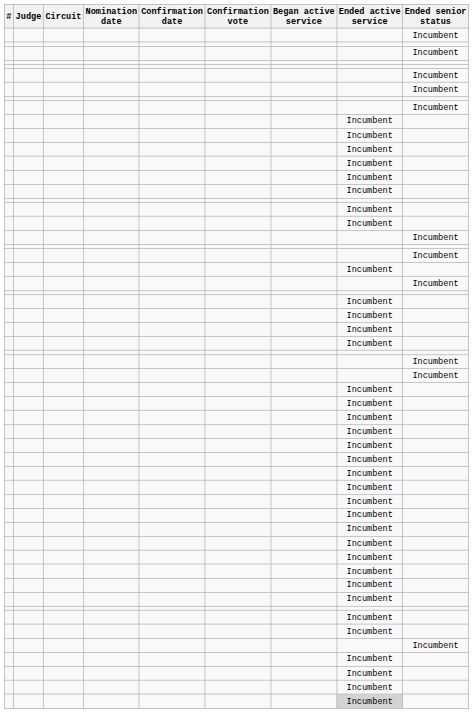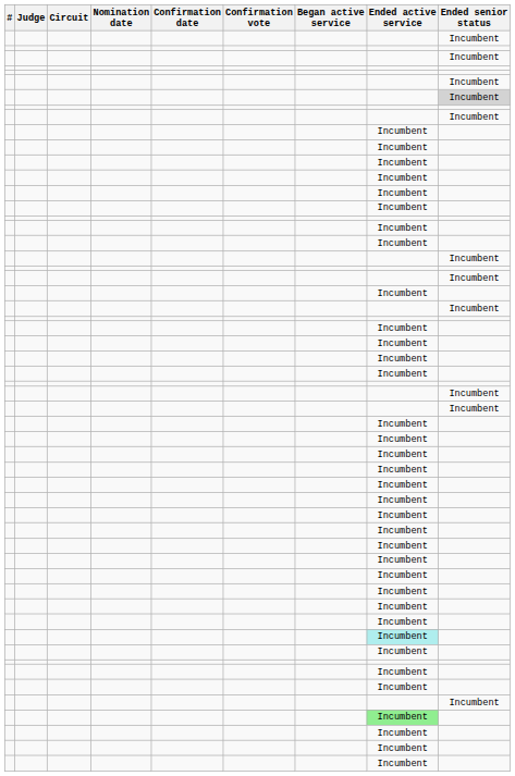 <table class="sortable wikitable">
 <tr bgcolor="#ececec">
 <th>#</th>
 <th>Judge</th>
 <th>Circuit</th>
 <th>Nomination<br>date</th>
 <th>Confirmation<br>date</th>
 <th>Confirmation<br>vote</th>
 <th>Began active<br>service</th>
 <th>Ended active<br>service</th>
 <th>Ended senior<br>status</th>
 </tr>
 <tr>
 <td></td>
 <td></td>
 <td></td>
 <td></td>
 <td></td>
 <td align="center"></td>
 <td></td>
 <td></td>
 <td align="center">Incumbent</td>
 </tr>
 <tr>
 <td></td>
 <td></td>
 <td></td>
 <td></td>
 <td></td>
 <td align="center"></td>
 <td></td>
 <td></td>
 <td></td>
 </tr>
 <tr>
 <td></td>
 <td></td>
 <td></td>
 <td></td>
 <td></td>
 <td align="center"></td>
 <td></td>
 <td></td>
 <td align="center">Incumbent</td>
 </tr>
 <tr>
 <td></td>
 <td></td>
 <td></td>
 <td></td>
 <td></td>
 <td align="center"></td>
 <td></td>
 <td></td>
 <td align="center"></td>
 </tr>
 <tr>
 <td></td>
 <td></td>
 <td></td>
 <td></td>
 <td></td>
 <td align="center"></td>
 <td></td>
 <td></td>
 <td align="center"></td>
 </tr>
 <tr>
 <td></td>
 <td></td>
 <td></td>
 <td></td>
 <td></td>
 <td align="center"></td>
 <td></td>
 <td></td>
 <td align="center">Incumbent</td>
 </tr>
 <tr>
 <td></td>
 <td></td>
 <td></td>
 <td></td>
 <td></td>
 <td align="center"></td>
 <td></td>
 <td></td>
-<td align="center">Incumbent</td>
+<td align="center" style="background: lightgrey;">Incumbent</td>
 </tr>
 <tr>
 <td></td>
 <td></td>
 <td></td>
 <td></td>
 <td></td>
 <td align="center"></td>
 <td></td>
 <td></td>
 <td></td>
 </tr>
 <tr>
 <td></td>
 <td></td>
 <td></td>
 <td></td>
 <td></td>
 <td align="center"></td>
 <td></td>
 <td></td>
 <td align="center">Incumbent</td>
 </tr>
 <tr>
 <td></td>
 <td></td>
 <td></td>
 <td></td>
 <td></td>
 <td align="center"></td>
 <td></td>
 <td align="center">Incumbent</td>
 <td align="center"></td>
 </tr>
 <tr>
 <td></td>
 <td></td>
 <td></td>
 <td></td>
 <td></td>
 <td align="center"></td>
 <td></td>
 <td align="center">Incumbent</td>
 <td align="center"></td>
 </tr>
 <tr>
 <td></td>
 <td></td>
 <td></td>
 <td></td>
 <td></td>
 <td align="center"></td>
 <td></td>
 <td align="center">Incumbent</td>
 <td align="center"></td>
 </tr>
 <tr>
 <td></td>
 <td></td>
 <td></td>
 <td></td>
 <td></td>
 <td align="center"></td>
 <td></td>
 <td align="center">Incumbent</td>
 <td align="center"></td>
 </tr>
 <tr>
 <td></td>
 <td></td>
 <td></td>
 <td></td>
 <td></td>
 <td align="center"></td>
 <td></td>
 <td align="center">Incumbent</td>
 <td align="center"></td>
 </tr>
 <tr>
 <td></td>
 <td></td>
 <td></td>
 <td></td>
 <td></td>
 <td align="center"></td>
 <td></td>
 <td align="center">Incumbent</td>
 <td align="center"></td>
 </tr>
 <tr>
 <td></td>
 <td></td>
 <td></td>
 <td></td>
 <td></td>
 <td align="center"></td>
 <td></td>
 <td></td>
 <td align="center"></td>
 </tr>
 <tr>
 <td></td>
 <td></td>
 <td></td>
 <td></td>
 <td></td>
 <td align="center"></td>
 <td></td>
 <td align="center">Incumbent</td>
 <td align="center"></td>
 </tr>
 <tr>
 <td></td>
 <td></td>
 <td></td>
 <td></td>
 <td></td>
 <td align="center"></td>
 <td></td>
 <td align="center">Incumbent</td>
 <td align="center"></td>
 </tr>
 <tr>
 <td></td>
 <td></td>
 <td></td>
 <td></td>
 <td></td>
 <td align="center"></td>
 <td></td>
 <td></td>
 <td align="center">Incumbent</td>
 </tr>
 <tr>
 <td></td>
 <td></td>
 <td></td>
 <td></td>
 <td></td>
 <td align="center"></td>
 <td></td>
 <td></td>
 <td></td>
 </tr>
 <tr>
 <td></td>
 <td></td>
 <td></td>
 <td></td>
 <td></td>
 <td align="center"></td>
 <td></td>
 <td></td>
 <td align="center">Incumbent</td>
 </tr>
 <tr>
 <td></td>
 <td></td>
 <td></td>
 <td></td>
 <td></td>
 <td align="center"></td>
 <td></td>
 <td align="center">Incumbent</td>
 <td align="center"></td>
 </tr>
 <tr>
 <td></td>
 <td></td>
 <td></td>
 <td></td>
 <td></td>
 <td align="center"></td>
 <td></td>
 <td></td>
 <td align="center">Incumbent</td>
 </tr>
 <tr>
 <td></td>
 <td></td>
 <td></td>
 <td></td>
 <td></td>
 <td align="center"></td>
 <td></td>
 <td></td>
 <td></td>
 </tr>
 <tr>
 <td></td>
 <td></td>
 <td></td>
 <td></td>
 <td></td>
 <td align="center"></td>
 <td></td>
 <td align="center">Incumbent</td>
 <td align="center"></td>
 </tr>
 <tr>
 <td></td>
 <td></td>
 <td></td>
 <td></td>
 <td></td>
 <td align="center"></td>
 <td></td>
 <td align="center">Incumbent</td>
 <td align="center"></td>
 </tr>
 <tr>
 <td></td>
 <td></td>
 <td></td>
 <td></td>
 <td></td>
 <td align="center"></td>
 <td></td>
 <td align="center">Incumbent</td>
 <td align="center"></td>
 </tr>
 <tr>
 <td></td>
 <td></td>
 <td></td>
 <td></td>
 <td></td>
 <td align="center"></td>
 <td></td>
 <td align="center">Incumbent</td>
 <td align="center"></td>
 </tr>
 <tr>
 <td></td>
 <td></td>
 <td></td>
 <td></td>
 <td></td>
 <td align="center"></td>
 <td></td>
 <td></td>
 <td align="center"></td>
 </tr>
 <tr>
 <td></td>
 <td></td>
 <td></td>
 <td></td>
 <td></td>
 <td align="center"></td>
 <td></td>
 <td></td>
 <td align="center">Incumbent</td>
 </tr>
 <tr>
 <td></td>
 <td></td>
 <td></td>
 <td></td>
 <td></td>
 <td align="center"></td>
 <td></td>
 <td></td>
 <td align="center">Incumbent</td>
 </tr>
 <tr>
 <td></td>
 <td></td>
 <td></td>
 <td></td>
 <td></td>
 <td align="center"></td>
 <td></td>
 <td align="center">Incumbent</td>
 <td align="center"></td>
 </tr>
 <tr>
 <td></td>
 <td></td>
 <td></td>
 <td></td>
 <td></td>
 <td align="center"></td>
 <td></td>
 <td align="center">Incumbent</td>
 <td align="center"></td>
 </tr>
 <tr>
 <td></td>
 <td></td>
 <td></td>
 <td></td>
 <td></td>
 <td align="center"></td>
 <td></td>
 <td align="center">Incumbent</td>
 <td align="center"></td>
 </tr>
 <tr>
 <td></td>
 <td></td>
 <td></td>
 <td></td>
 <td></td>
 <td align="center"></td>
 <td></td>
 <td align="center">Incumbent</td>
 <td align="center"></td>
 </tr>
 <tr>
 <td></td>
 <td></td>
 <td></td>
 <td></td>
 <td></td>
 <td align="center"></td>
 <td></td>
 <td align="center">Incumbent</td>
 <td align="center"></td>
 </tr>
 <tr>
 <td></td>
 <td></td>
 <td></td>
 <td></td>
 <td></td>
 <td align="center"></td>
 <td></td>
 <td align="center">Incumbent</td>
 <td align="center"></td>
 </tr>
 <tr>
 <td></td>
 <td></td>
 <td></td>
 <td></td>
 <td></td>
 <td align="center"></td>
 <td></td>
 <td align="center">Incumbent</td>
 <td align="center"></td>
 </tr>
 <tr>
 <td></td>
 <td></td>
 <td></td>
 <td></td>
 <td></td>
 <td align="center"></td>
 <td></td>
 <td align="center">Incumbent</td>
 <td align="center"></td>
 </tr>
 <tr>
 <td></td>
 <td></td>
 <td></td>
 <td></td>
 <td></td>
 <td align="center"></td>
 <td></td>
 <td align="center">Incumbent</td>
 <td align="center"></td>
 </tr>
 <tr>
 <td></td>
 <td></td>
 <td></td>
 <td></td>
 <td></td>
 <td align="center"></td>
 <td></td>
 <td align="center">Incumbent</td>
 <td align="center"></td>
 </tr>
 <tr>
 <td></td>
 <td></td>
 <td></td>
 <td></td>
 <td></td>
 <td align="center"></td>
 <td></td>
 <td align="center">Incumbent</td>
 <td align="center"></td>
 </tr>
 <tr>
 <td></td>
 <td></td>
 <td></td>
 <td></td>
 <td></td>
 <td align="center"></td>
 <td></td>
 <td align="center">Incumbent</td>
 <td align="center"></td>
 </tr>
 <tr>
 <td></td>
 <td></td>
 <td></td>
 <td></td>
 <td></td>
 <td align="center"></td>
 <td></td>
 <td align="center">Incumbent</td>
 <td align="center"></td>
 </tr>
 <tr>
 <td></td>
 <td></td>
 <td></td>
 <td></td>
 <td></td>
 <td align="center"></td>
 <td></td>
 <td align="center">Incumbent</td>
 <td align="center"></td>
 </tr>
 <tr>
 <td></td>
 <td></td>
 <td></td>
 <td></td>
 <td></td>
 <td align="center"></td>
 <td></td>
-<td align="center">Incumbent</td>
+<td align="center" style="background: paleturquoise;">Incumbent</td>
 <td align="center"></td>
 </tr>
 <tr>
 <td></td>
 <td></td>
 <td></td>
 <td></td>
 <td></td>
 <td align="center"></td>
 <td></td>
 <td align="center">Incumbent</td>
 <td align="center"></td>
 </tr>
 <tr>
 <td></td>
 <td></td>
 <td></td>
 <td></td>
 <td></td>
 <td align="center"></td>
 <td></td>
 <td></td>
 <td align="center"></td>
 </tr>
 <tr>
 <td></td>
 <td></td>
 <td></td>
 <td></td>
 <td></td>
 <td align="center"></td>
 <td></td>
 <td align="center">Incumbent</td>
 <td align="center"></td>
 </tr>
 <tr>
 <td></td>
 <td></td>
 <td></td>
 <td></td>
 <td></td>
 <td align="center"></td>
 <td></td>
 <td align="center">Incumbent</td>
 <td align="center"></td>
 </tr>
 <tr>
 <td></td>
 <td></td>
 <td></td>
 <td></td>
 <td></td>
 <td align="center"></td>
 <td></td>
 <td></td>
 <td align="center">Incumbent</td>
 </tr>
 <tr>
 <td></td>
 <td></td>
 <td></td>
 <td></td>
 <td></td>
 <td align="center"></td>
 <td></td>
-<td align="center">Incumbent</td>
+<td align="center" style="background: lightgreen;">Incumbent</td>
 <td align="center"></td>
 </tr>
 <tr>
 <td></td>
 <td></td>
 <td></td>
 <td></td>
 <td></td>
 <td align="center"></td>
 <td></td>
 <td align="center">Incumbent</td>
 <td align="center"></td>
 </tr>
 <tr>
 <td></td>
 <td></td>
 <td></td>
 <td></td>
 <td></td>
 <td align="center"></td>
 <td></td>
 <td align="center">Incumbent</td>
 <td align="center"></td>
 </tr>
 <tr>
 <td></td>
 <td></td>
 <td></td>
 <td></td>
 <td></td>
 <td align="center"></td>
 <td></td>
-<td align="center" style="background: lightgrey;">Incumbent</td>
+<td align="center">Incumbent</td>
 <td align="center"></td>
 </tr>
 </table>
